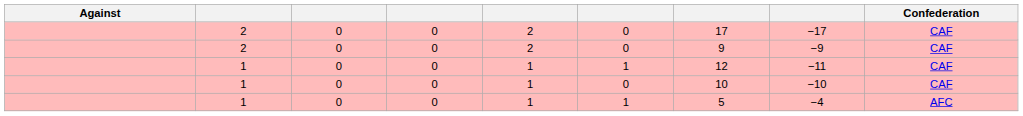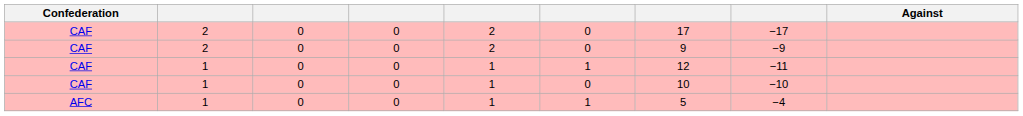 <table class="wikitable sortable" style="text-align: center; font-size: 100%;">
 <tr>
-<th width=10%>Against</th>
+<th width=8%>Confederation</th>
 <th width=5%></th>
 <th width=5%></th>
 <th width=5%></th>
 <th width=5%></th>
 <th width=5%></th>
 <th width=5%></th>
 <th width=5%></th>
-<th width=8%>Confederation</th>
+<th width=10%>Against</th>
 </tr>
 <tr bgcolor="#ffbbbb">
-<td align=left></td>
+<td><a href='#'>CAF</a></td>
 <td>2</td>
 <td>0</td>
 <td>0</td>
 <td>2</td>
 <td>0</td>
 <td>17</td>
 <td>−17</td>
-<td><a href='#'>CAF</a></td>
+<td align=left></td>
 </tr>
 <tr bgcolor="#ffbbbb">
-<td align=left></td>
+<td><a href='#'>CAF</a></td>
 <td>2</td>
 <td>0</td>
 <td>0</td>
 <td>2</td>
 <td>0</td>
 <td>9</td>
 <td>−9</td>
-<td><a href='#'>CAF</a></td>
+<td align=left></td>
 </tr>
 <tr bgcolor="#ffbbbb">
-<td align=left></td>
+<td><a href='#'>CAF</a></td>
 <td>1</td>
 <td>0</td>
 <td>0</td>
 <td>1</td>
 <td>1</td>
 <td>12</td>
 <td>−11</td>
-<td><a href='#'>CAF</a></td>
+<td align=left></td>
 </tr>
 <tr bgcolor="#ffbbbb">
-<td align=left></td>
+<td><a href='#'>CAF</a></td>
 <td>1</td>
 <td>0</td>
 <td>0</td>
 <td>1</td>
 <td>0</td>
 <td>10</td>
 <td>−10</td>
-<td><a href='#'>CAF</a></td>
+<td align=left></td>
 </tr>
 <tr bgcolor="#ffbbbb">
-<td align=left></td>
+<td><a href='#'>AFC</a></td>
 <td>1</td>
 <td>0</td>
 <td>0</td>
 <td>1</td>
 <td>1</td>
 <td>5</td>
 <td>−4</td>
-<td><a href='#'>AFC</a></td>
+<td align=left></td>
 </tr>
 </table>
